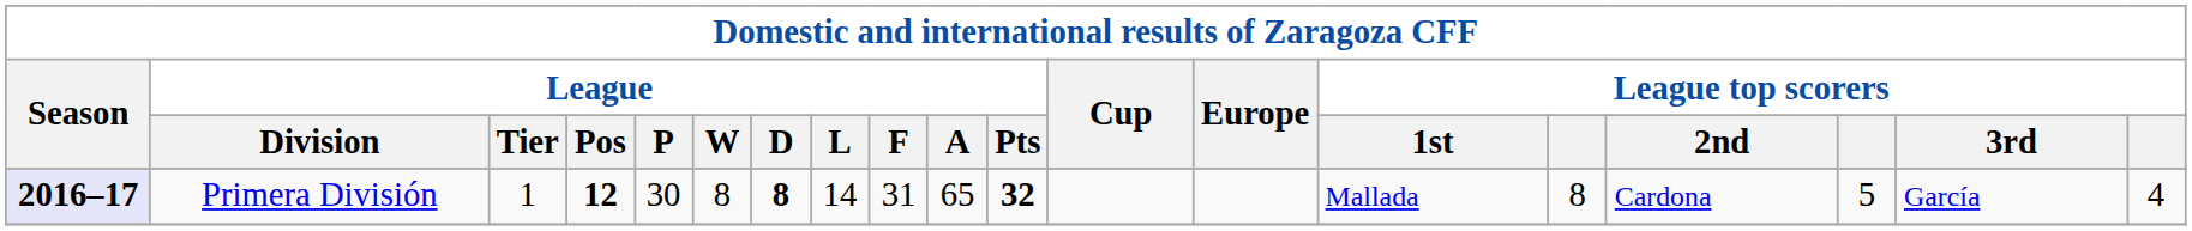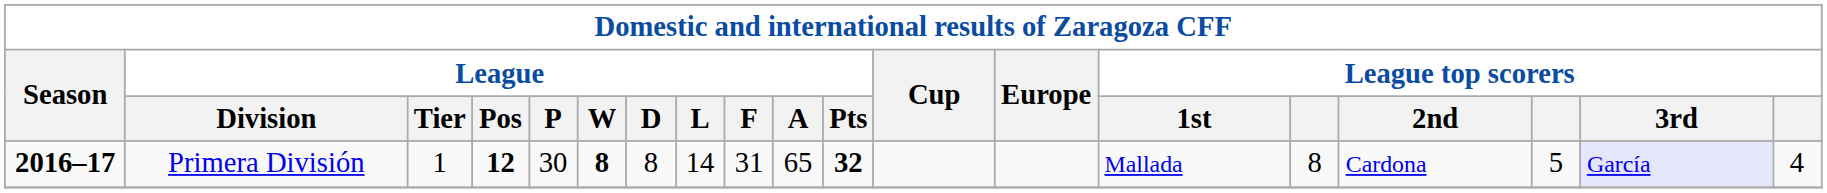 <table class="wikitable" style="text-align: center;">
 <tr>
 <th style="color:#094ca1; background:#FFFFFF;" colspan=20>Domestic and international results of Zaragoza CFF</th>
 </tr>
 <tr>
 <th rowspan=2 width="60"align=center>Season</th>
 <th colspan=10 style="color:#094ca1; background:#FFFFFF;">League</th>
 <th rowspan=2 width="60"align=center>Cup</th>
 <th rowspan=2 colspan=2>Europe</th>
 <th colspan=6 style="color:#094ca1; background:#FFFFFF;">League top scorers</th>
 </tr>
 <tr>
 <th width=150px>Division</th>
 <th width=20px>Tier</th>
 <th width=20px>Pos</th>
 <th width=20px>P</th>
 <th width=20px>W</th>
 <th width=20px>D</th>
 <th width=20px>L</th>
 <th width=20px>F</th>
 <th width=20px>A</th>
 <th width=20px>Pts</th>
 <th width=100px>1st</th>
 <th width=20px></th>
 <th width=100px>2nd</th>
 <th width=20px></th>
 <th width=100px>3rd</th>
 <th width=20px></th>
 </tr>
 <tr>
-<td style="background: lavender;"><strong>2016–17</strong></td>
+<td><strong>2016–17</strong></td>
 <td><a href='#'>Primera División</a></td>
 <td>1</td>
 <td><strong>12</strong></td>
 <td>30</td>
+<td><strong>8</strong></td>
 <td>8</td>
-<td><strong>8</strong></td>
 <td>14</td>
 <td>31</td>
 <td>65</td>
 <td><strong>32</strong></td>
 <td></td>
 <td colspan=2></td>
 <td align=left> <small><a href='#'>Mallada</a></small></td>
 <td>8</td>
 <td align=left> <small><a href='#'>Cardona</a></small></td>
 <td>5</td>
-<td align=left> <small><a href='#'>García</a></small></td>
+<td align=left style="background: lavender;"> <small><a href='#'>García</a></small></td>
 <td>4</td>
 </tr>
 <tr>
 </tr>
 </table>
